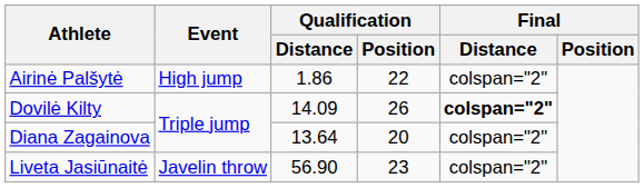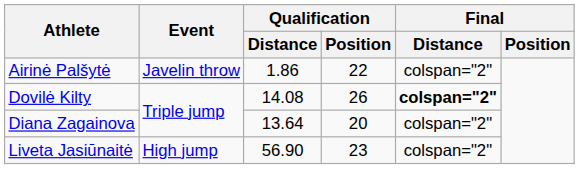 <table class="wikitable" style="font-size:90%">
 <tr>
 <th rowspan="2">Athlete</th>
 <th rowspan="2">Event</th>
 <th colspan="2">Qualification</th>
 <th colspan="2">Final</th>
 </tr>
 <tr>
 <th>Distance</th>
 <th>Position</th>
 <th>Distance</th>
 <th>Position</th>
 </tr>
 <tr style=text-align:center>
 <td style=text-align:left><a href='#'>Airinė Palšytė</a></td>
-<td style=text-align:left><a href='#'>High jump</a></td>
+<td style=text-align:left><a href='#'>Javelin throw</a></td>
 <td>1.86</td>
 <td>22</td>
 <td>colspan="2" </td>
 </tr>
 <tr style=text-align:center>
 <td style=text-align:left><a href='#'>Dovilė Kilty</a></td>
 <td style=text-align:left rowspan="2"><a href='#'>Triple jump</a></td>
-<td>14.09</td>
+<td>14.08</td>
 <td>26</td>
 <td><strong>colspan="2" </strong></td>
 </tr>
 <tr style=text-align:center>
 <td style=text-align:left><a href='#'>Diana Zagainova</a></td>
 <td>13.64</td>
 <td>20</td>
 <td>colspan="2" </td>
 </tr>
 <tr style=text-align:center>
 <td style=text-align:left><a href='#'>Liveta Jasiūnaitė</a></td>
-<td style=text-align:left><a href='#'>Javelin throw</a></td>
+<td style=text-align:left><a href='#'>High jump</a></td>
 <td>56.90</td>
 <td>23</td>
 <td>colspan="2" </td>
 </tr>
 </table>
